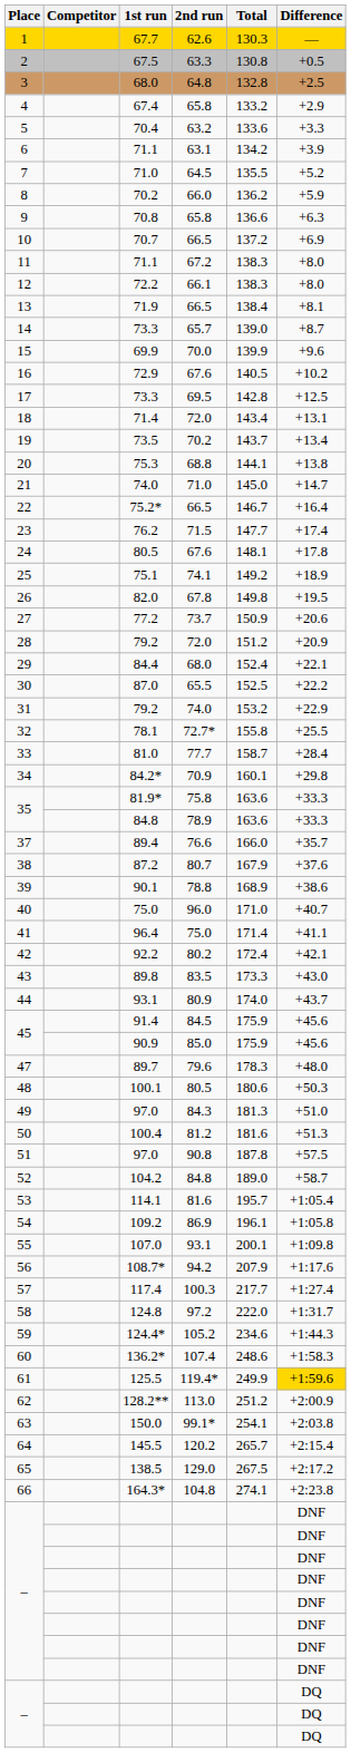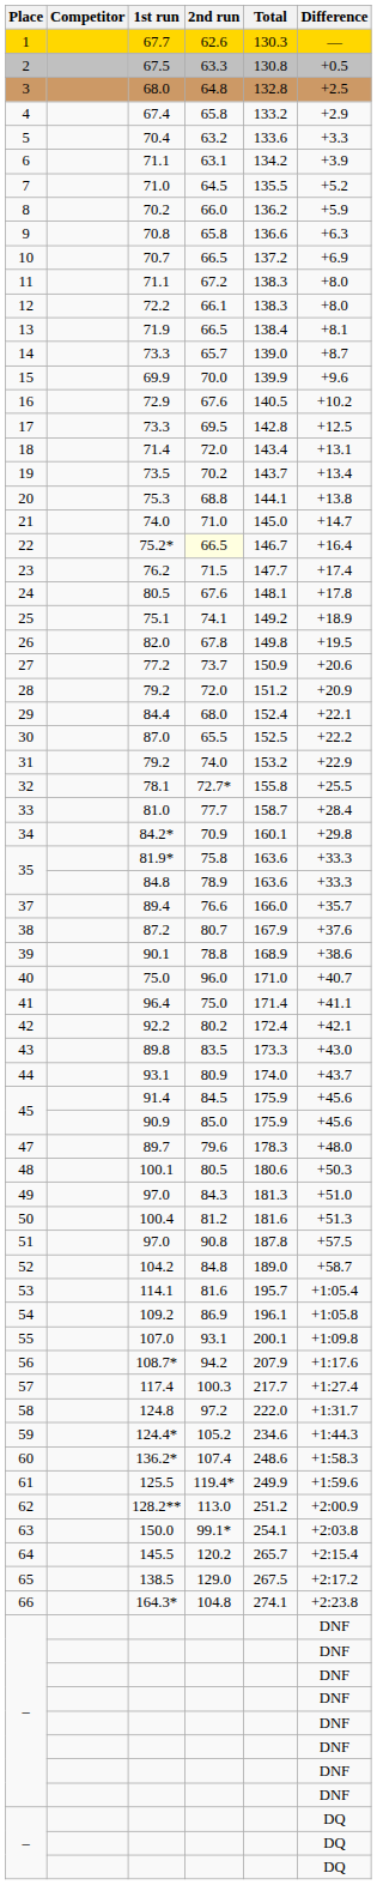 <table class=wikitable style="text-align:center">
 <tr>
 <th>Place</th>
 <th>Competitor</th>
 <th>1st run</th>
 <th>2nd run</th>
 <th width=50>Total</th>
 <th>Difference</th>
 </tr>
 <tr bgcolor=gold>
 <td>1</td>
 <td align=left></td>
 <td>67.7</td>
 <td>62.6</td>
 <td>130.3</td>
 <td>—</td>
 </tr>
 <tr bgcolor=silver>
 <td>2</td>
 <td align=left></td>
 <td>67.5</td>
 <td>63.3</td>
 <td>130.8</td>
 <td>+0.5</td>
 </tr>
 <tr bgcolor=cc9966>
 <td>3</td>
 <td align=left></td>
 <td>68.0</td>
 <td>64.8</td>
 <td>132.8</td>
 <td>+2.5</td>
 </tr>
 <tr>
 <td>4</td>
 <td align=left></td>
 <td>67.4</td>
 <td>65.8</td>
 <td>133.2</td>
 <td>+2.9</td>
 </tr>
 <tr>
 <td>5</td>
 <td align=left></td>
 <td>70.4</td>
 <td>63.2</td>
 <td>133.6</td>
 <td>+3.3</td>
 </tr>
 <tr>
 <td>6</td>
 <td align=left></td>
 <td>71.1</td>
 <td>63.1</td>
 <td>134.2</td>
 <td>+3.9</td>
 </tr>
 <tr>
 <td>7</td>
 <td align=left></td>
 <td>71.0</td>
 <td>64.5</td>
 <td>135.5</td>
 <td>+5.2</td>
 </tr>
 <tr>
 <td>8</td>
 <td align=left></td>
 <td>70.2</td>
 <td>66.0</td>
 <td>136.2</td>
 <td>+5.9</td>
 </tr>
 <tr>
 <td>9</td>
 <td align=left></td>
 <td>70.8</td>
 <td>65.8</td>
 <td>136.6</td>
 <td>+6.3</td>
 </tr>
 <tr>
 <td>10</td>
 <td align=left></td>
 <td>70.7</td>
 <td>66.5</td>
 <td>137.2</td>
 <td>+6.9</td>
 </tr>
 <tr>
 <td>11</td>
 <td align=left></td>
 <td>71.1</td>
 <td>67.2</td>
 <td>138.3</td>
 <td>+8.0</td>
 </tr>
 <tr>
 <td>12</td>
 <td align=left></td>
 <td>72.2</td>
 <td>66.1</td>
 <td>138.3</td>
 <td>+8.0</td>
 </tr>
 <tr>
 <td>13</td>
 <td align=left></td>
 <td>71.9</td>
 <td>66.5</td>
 <td>138.4</td>
 <td>+8.1</td>
 </tr>
 <tr>
 <td>14</td>
 <td align=left></td>
 <td>73.3</td>
 <td>65.7</td>
 <td>139.0</td>
 <td>+8.7</td>
 </tr>
 <tr>
 <td>15</td>
 <td align=left></td>
 <td>69.9</td>
 <td>70.0</td>
 <td>139.9</td>
 <td>+9.6</td>
 </tr>
 <tr>
 <td>16</td>
 <td align=left></td>
 <td>72.9</td>
 <td>67.6</td>
 <td>140.5</td>
 <td>+10.2</td>
 </tr>
 <tr>
 <td>17</td>
 <td align=left></td>
 <td>73.3</td>
 <td>69.5</td>
 <td>142.8</td>
 <td>+12.5</td>
 </tr>
 <tr>
 <td>18</td>
 <td align=left></td>
 <td>71.4</td>
 <td>72.0</td>
 <td>143.4</td>
 <td>+13.1</td>
 </tr>
 <tr>
 <td>19</td>
 <td align=left></td>
 <td>73.5</td>
 <td>70.2</td>
 <td>143.7</td>
 <td>+13.4</td>
 </tr>
 <tr>
 <td>20</td>
 <td align=left></td>
 <td>75.3</td>
 <td>68.8</td>
 <td>144.1</td>
 <td>+13.8</td>
 </tr>
 <tr>
 <td>21</td>
 <td align=left></td>
 <td>74.0</td>
 <td>71.0</td>
 <td>145.0</td>
 <td>+14.7</td>
 </tr>
 <tr>
 <td>22</td>
 <td align=left></td>
 <td>75.2*</td>
-<td>66.5</td>
+<td style="background: lightyellow;">66.5</td>
 <td>146.7</td>
 <td>+16.4</td>
 </tr>
 <tr>
 <td>23</td>
 <td align=left></td>
 <td>76.2</td>
 <td>71.5</td>
 <td>147.7</td>
 <td>+17.4</td>
 </tr>
 <tr>
 <td>24</td>
 <td align=left></td>
 <td>80.5</td>
 <td>67.6</td>
 <td>148.1</td>
 <td>+17.8</td>
 </tr>
 <tr>
 <td>25</td>
 <td align=left></td>
 <td>75.1</td>
 <td>74.1</td>
 <td>149.2</td>
 <td>+18.9</td>
 </tr>
 <tr>
 <td>26</td>
 <td align=left></td>
 <td>82.0</td>
 <td>67.8</td>
 <td>149.8</td>
 <td>+19.5</td>
 </tr>
 <tr>
 <td>27</td>
 <td align=left></td>
 <td>77.2</td>
 <td>73.7</td>
 <td>150.9</td>
 <td>+20.6</td>
 </tr>
 <tr>
 <td>28</td>
 <td align=left></td>
 <td>79.2</td>
 <td>72.0</td>
 <td>151.2</td>
 <td>+20.9</td>
 </tr>
 <tr>
 <td>29</td>
 <td align=left></td>
 <td>84.4</td>
 <td>68.0</td>
 <td>152.4</td>
 <td>+22.1</td>
 </tr>
 <tr>
 <td>30</td>
 <td align=left></td>
 <td>87.0</td>
 <td>65.5</td>
 <td>152.5</td>
 <td>+22.2</td>
 </tr>
 <tr>
 <td>31</td>
 <td align=left></td>
 <td>79.2</td>
 <td>74.0</td>
 <td>153.2</td>
 <td>+22.9</td>
 </tr>
 <tr>
 <td>32</td>
 <td align=left></td>
 <td>78.1</td>
 <td>72.7*</td>
 <td>155.8</td>
 <td>+25.5</td>
 </tr>
 <tr>
 <td>33</td>
 <td align=left></td>
 <td>81.0</td>
 <td>77.7</td>
 <td>158.7</td>
 <td>+28.4</td>
 </tr>
 <tr>
 <td>34</td>
 <td align=left></td>
 <td>84.2*</td>
 <td>70.9</td>
 <td>160.1</td>
 <td>+29.8</td>
 </tr>
 <tr>
 <td rowspan=2>35</td>
 <td align=left></td>
 <td>81.9*</td>
 <td>75.8</td>
 <td>163.6</td>
 <td>+33.3</td>
 </tr>
 <tr>
 <td align=left></td>
 <td>84.8</td>
 <td>78.9</td>
 <td>163.6</td>
 <td>+33.3</td>
 </tr>
 <tr>
 <td>37</td>
 <td align=left></td>
 <td>89.4</td>
 <td>76.6</td>
 <td>166.0</td>
 <td>+35.7</td>
 </tr>
 <tr>
 <td>38</td>
 <td align=left></td>
 <td>87.2</td>
 <td>80.7</td>
 <td>167.9</td>
 <td>+37.6</td>
 </tr>
 <tr>
 <td>39</td>
 <td align=left></td>
 <td>90.1</td>
 <td>78.8</td>
 <td>168.9</td>
 <td>+38.6</td>
 </tr>
 <tr>
 <td>40</td>
 <td align=left></td>
 <td>75.0</td>
 <td>96.0</td>
 <td>171.0</td>
 <td>+40.7</td>
 </tr>
 <tr>
 <td>41</td>
 <td align=left></td>
 <td>96.4</td>
 <td>75.0</td>
 <td>171.4</td>
 <td>+41.1</td>
 </tr>
 <tr>
 <td>42</td>
 <td align=left></td>
 <td>92.2</td>
 <td>80.2</td>
 <td>172.4</td>
 <td>+42.1</td>
 </tr>
 <tr>
 <td>43</td>
 <td align=left></td>
 <td>89.8</td>
 <td>83.5</td>
 <td>173.3</td>
 <td>+43.0</td>
 </tr>
 <tr>
 <td>44</td>
 <td align=left></td>
 <td>93.1</td>
 <td>80.9</td>
 <td>174.0</td>
 <td>+43.7</td>
 </tr>
 <tr>
 <td rowspan=2>45</td>
 <td align=left></td>
 <td>91.4</td>
 <td>84.5</td>
 <td>175.9</td>
 <td>+45.6</td>
 </tr>
 <tr>
 <td align=left></td>
 <td>90.9</td>
 <td>85.0</td>
 <td>175.9</td>
 <td>+45.6</td>
 </tr>
 <tr>
 <td>47</td>
 <td align=left></td>
 <td>89.7</td>
 <td>79.6</td>
 <td>178.3</td>
 <td>+48.0</td>
 </tr>
 <tr>
 <td>48</td>
 <td align=left></td>
 <td>100.1</td>
 <td>80.5</td>
 <td>180.6</td>
 <td>+50.3</td>
 </tr>
 <tr>
 <td>49</td>
 <td align=left></td>
 <td>97.0</td>
 <td>84.3</td>
 <td>181.3</td>
 <td>+51.0</td>
 </tr>
 <tr>
 <td>50</td>
 <td align=left></td>
 <td>100.4</td>
 <td>81.2</td>
 <td>181.6</td>
 <td>+51.3</td>
 </tr>
 <tr>
 <td>51</td>
 <td align=left></td>
 <td>97.0</td>
 <td>90.8</td>
 <td>187.8</td>
 <td>+57.5</td>
 </tr>
 <tr>
 <td>52</td>
 <td align=left></td>
 <td>104.2</td>
 <td>84.8</td>
 <td>189.0</td>
 <td>+58.7</td>
 </tr>
 <tr>
 <td>53</td>
 <td align=left></td>
 <td>114.1</td>
 <td>81.6</td>
 <td>195.7</td>
 <td>+1:05.4</td>
 </tr>
 <tr>
 <td>54</td>
 <td align=left></td>
 <td>109.2</td>
 <td>86.9</td>
 <td>196.1</td>
 <td>+1:05.8</td>
 </tr>
 <tr>
 <td>55</td>
 <td align=left></td>
 <td>107.0</td>
 <td>93.1</td>
 <td>200.1</td>
 <td>+1:09.8</td>
 </tr>
 <tr>
 <td>56</td>
 <td align=left></td>
 <td>108.7*</td>
 <td>94.2</td>
 <td>207.9</td>
 <td>+1:17.6</td>
 </tr>
 <tr>
 <td>57</td>
 <td align=left></td>
 <td>117.4</td>
 <td>100.3</td>
 <td>217.7</td>
 <td>+1:27.4</td>
 </tr>
 <tr>
 <td>58</td>
 <td align=left></td>
 <td>124.8</td>
 <td>97.2</td>
 <td>222.0</td>
 <td>+1:31.7</td>
 </tr>
 <tr>
 <td>59</td>
 <td align=left></td>
 <td>124.4*</td>
 <td>105.2</td>
 <td>234.6</td>
 <td>+1:44.3</td>
 </tr>
 <tr>
 <td>60</td>
 <td align=left></td>
 <td>136.2*</td>
 <td>107.4</td>
 <td>248.6</td>
 <td>+1:58.3</td>
 </tr>
 <tr>
 <td>61</td>
 <td align=left></td>
 <td>125.5</td>
 <td>119.4*</td>
 <td>249.9</td>
-<td style="background: gold;">+1:59.6</td>
+<td>+1:59.6</td>
 </tr>
 <tr>
 <td>62</td>
 <td align=left></td>
 <td>128.2**</td>
 <td>113.0</td>
 <td>251.2</td>
 <td>+2:00.9</td>
 </tr>
 <tr>
 <td>63</td>
 <td align=left></td>
 <td>150.0</td>
 <td>99.1*</td>
 <td>254.1</td>
 <td>+2:03.8</td>
 </tr>
 <tr>
 <td>64</td>
 <td align=left></td>
 <td>145.5</td>
 <td>120.2</td>
 <td>265.7</td>
 <td>+2:15.4</td>
 </tr>
 <tr>
 <td>65</td>
 <td align=left></td>
 <td>138.5</td>
 <td>129.0</td>
 <td>267.5</td>
 <td>+2:17.2</td>
 </tr>
 <tr>
 <td>66</td>
 <td align=left></td>
 <td>164.3*</td>
 <td>104.8</td>
 <td>274.1</td>
 <td>+2:23.8</td>
 </tr>
 <tr>
 <td rowspan=8>–</td>
 <td align=left></td>
 <td></td>
 <td></td>
 <td></td>
 <td>DNF</td>
 </tr>
 <tr>
 <td align=left></td>
 <td></td>
 <td></td>
 <td></td>
 <td>DNF</td>
 </tr>
 <tr>
 <td align=left></td>
 <td></td>
 <td></td>
 <td></td>
 <td>DNF</td>
 </tr>
 <tr>
 <td align=left></td>
 <td></td>
 <td></td>
 <td></td>
 <td>DNF</td>
 </tr>
 <tr>
 <td align=left></td>
 <td></td>
 <td></td>
 <td></td>
 <td>DNF</td>
 </tr>
 <tr>
 <td align=left></td>
 <td></td>
 <td></td>
 <td></td>
 <td>DNF</td>
 </tr>
 <tr>
 <td align=left></td>
 <td></td>
 <td></td>
 <td></td>
 <td>DNF</td>
 </tr>
 <tr>
 <td align=left></td>
 <td></td>
 <td></td>
 <td></td>
 <td>DNF</td>
 </tr>
 <tr>
 <td rowspan=3>–</td>
 <td align=left></td>
 <td></td>
 <td></td>
 <td></td>
 <td>DQ</td>
 </tr>
 <tr>
 <td align=left></td>
 <td></td>
 <td></td>
 <td></td>
 <td>DQ</td>
 </tr>
 <tr>
 <td align=left></td>
 <td></td>
 <td></td>
 <td></td>
 <td>DQ</td>
 </tr>
 </table>
